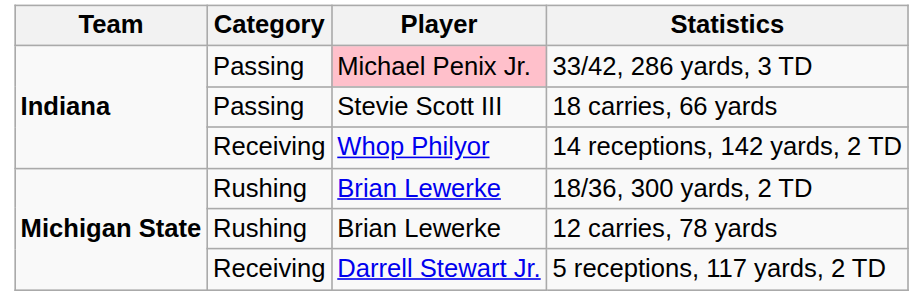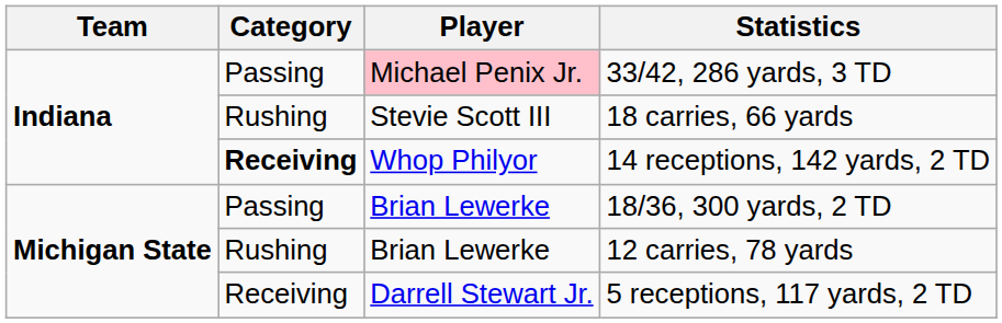 <table class="wikitable" style="float: right;">
 <tr>
 <th>Team</th>
 <th>Category</th>
 <th>Player</th>
 <th>Statistics</th>
 </tr>
 <tr>
 <td rowspan=3><strong>Indiana</strong></td>
 <td>Passing</td>
 <td style="background: pink;">Michael Penix Jr.</td>
 <td>33/42, 286 yards, 3 TD</td>
 </tr>
 <tr>
-<td>Passing</td>
+<td>Rushing</td>
 <td>Stevie Scott III</td>
 <td>18 carries, 66 yards</td>
 </tr>
 <tr>
-<td>Receiving</td>
+<td><strong>Receiving</strong></td>
 <td><a href='#'>Whop Philyor</a></td>
 <td>14 receptions, 142 yards, 2 TD</td>
 </tr>
 <tr>
 <td rowspan=3><strong>Michigan State</strong></td>
-<td>Rushing</td>
+<td>Passing</td>
 <td><a href='#'>Brian Lewerke</a></td>
 <td>18/36, 300 yards, 2 TD</td>
 </tr>
 <tr>
 <td>Rushing</td>
 <td>Brian Lewerke</td>
 <td>12 carries, 78 yards</td>
 </tr>
 <tr>
 <td>Receiving</td>
 <td><a href='#'>Darrell Stewart Jr.</a></td>
 <td>5 receptions, 117 yards, 2 TD</td>
 </tr>
 </table>
